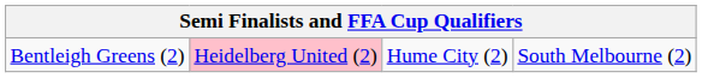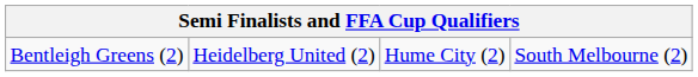 <table class="wikitable" style="text-align:center">
 <tr>
 <th colspan=4>Semi Finalists and <a href='#'>FFA Cup Qualifiers</a></th>
 </tr>
 <tr>
 <td><a href='#'>Bentleigh Greens</a> (<a href='#'>2</a>)</td>
-<td style="background: pink;"><a href='#'>Heidelberg United</a> (<a href='#'>2</a>)</td>
+<td><a href='#'>Heidelberg United</a> (<a href='#'>2</a>)</td>
 <td><a href='#'>Hume City</a> (<a href='#'>2</a>)</td>
 <td><a href='#'>South Melbourne</a> (<a href='#'>2</a>)</td>
 </tr>
 </table>
